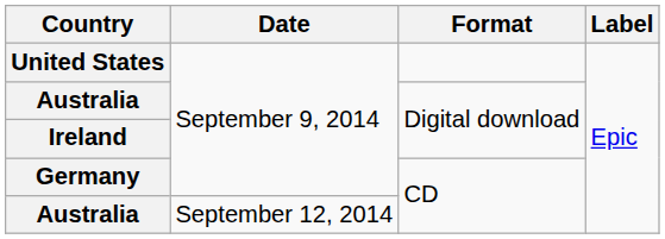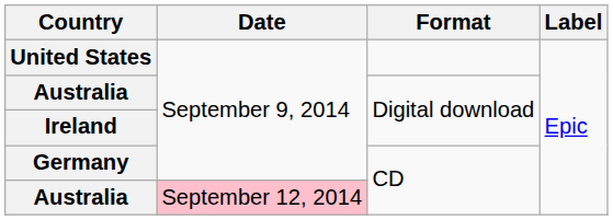 <table class="wikitable plainrowheaders">
 <tr>
 <th scope="col">Country</th>
 <th scope="col">Date</th>
 <th scope="col">Format</th>
 <th scope="col">Label</th>
 </tr>
 <tr>
 <th scope="row">United States</th>
 <td rowspan="4">September 9, 2014</td>
 <td></td>
 <td rowspan="5"><a href='#'>Epic</a></td>
 </tr>
 <tr>
 <th scope="row">Australia</th>
 <td rowspan="2">Digital download</td>
 </tr>
 <tr>
 <th scope="row">Ireland</th>
 </tr>
 <tr>
 <th scope="row">Germany</th>
 <td rowspan="2">CD</td>
 </tr>
 <tr>
 <th scope="row">Australia</th>
-<td>September 12, 2014</td>
+<td style="background: pink;">September 12, 2014</td>
 </tr>
 </table>
